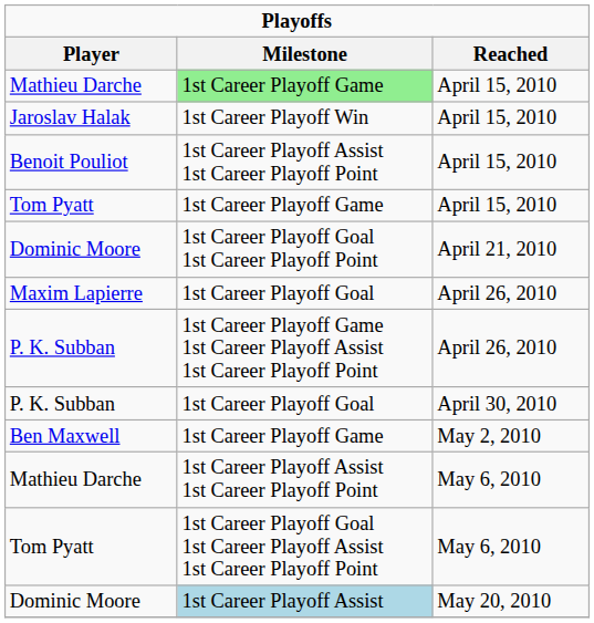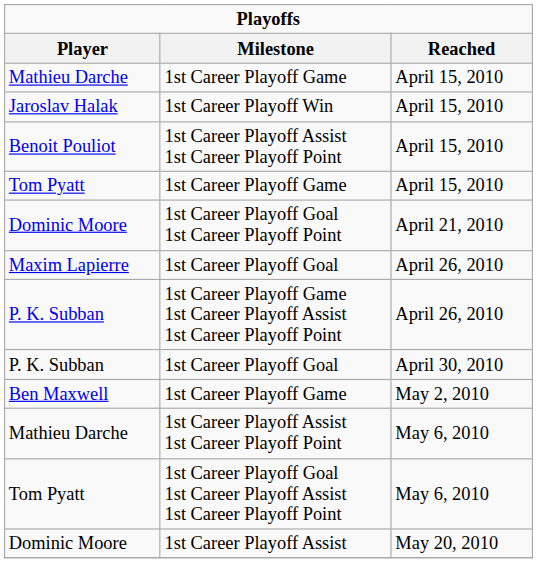 <table class="wikitable" style="width:52%;">
 <tr>
 <td colspan="10" style="text-align:center;"><strong>Playoffs</strong></td>
 </tr>
 <tr>
 <th>Player</th>
 <th>Milestone</th>
 <th>Reached</th>
 </tr>
 <tr>
 <td><a href='#'>Mathieu Darche</a></td>
-<td style="background: lightgreen;">1st Career Playoff Game</td>
+<td>1st Career Playoff Game</td>
 <td>April 15, 2010</td>
 </tr>
 <tr>
 <td><a href='#'>Jaroslav Halak</a></td>
 <td>1st Career Playoff Win</td>
 <td>April 15, 2010</td>
 </tr>
 <tr>
 <td><a href='#'>Benoit Pouliot</a></td>
 <td>1st Career Playoff Assist<br>1st Career Playoff Point</td>
 <td>April 15, 2010</td>
 </tr>
 <tr>
 <td><a href='#'>Tom Pyatt</a></td>
 <td>1st Career Playoff Game</td>
 <td>April 15, 2010</td>
 </tr>
 <tr>
 <td><a href='#'>Dominic Moore</a></td>
 <td>1st Career Playoff Goal<br>1st Career Playoff Point</td>
 <td>April 21, 2010</td>
 </tr>
 <tr>
 <td><a href='#'>Maxim Lapierre</a></td>
 <td>1st Career Playoff Goal</td>
 <td>April 26, 2010</td>
 </tr>
 <tr>
 <td><a href='#'>P. K. Subban</a></td>
 <td>1st Career Playoff Game<br>1st Career Playoff Assist<br>1st Career Playoff Point</td>
 <td>April 26, 2010</td>
 </tr>
 <tr>
 <td>P. K. Subban</td>
 <td>1st Career Playoff Goal</td>
 <td>April 30, 2010</td>
 </tr>
 <tr>
 <td><a href='#'>Ben Maxwell</a></td>
 <td>1st Career Playoff Game</td>
 <td>May 2, 2010</td>
 </tr>
 <tr>
 <td>Mathieu Darche</td>
 <td>1st Career Playoff Assist<br>1st Career Playoff Point</td>
 <td>May 6, 2010</td>
 </tr>
 <tr>
 <td>Tom Pyatt</td>
 <td>1st Career Playoff Goal<br>1st Career Playoff Assist<br>1st Career Playoff Point</td>
 <td>May 6, 2010</td>
 </tr>
 <tr>
 <td>Dominic Moore</td>
-<td style="background: lightblue;">1st Career Playoff Assist</td>
+<td>1st Career Playoff Assist</td>
 <td>May 20, 2010</td>
 </tr>
 <tr>
 </tr>
 </table>
